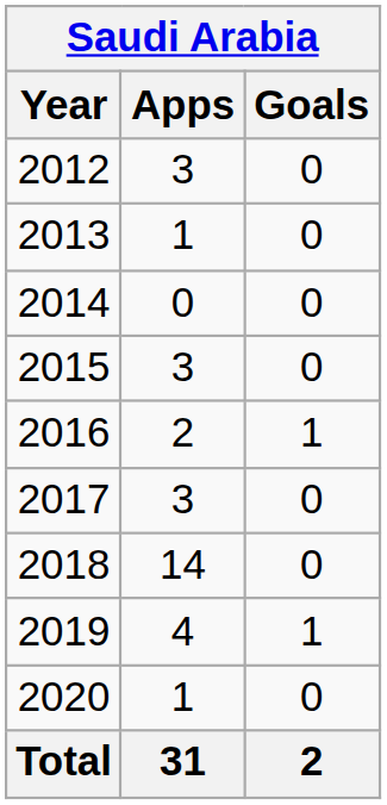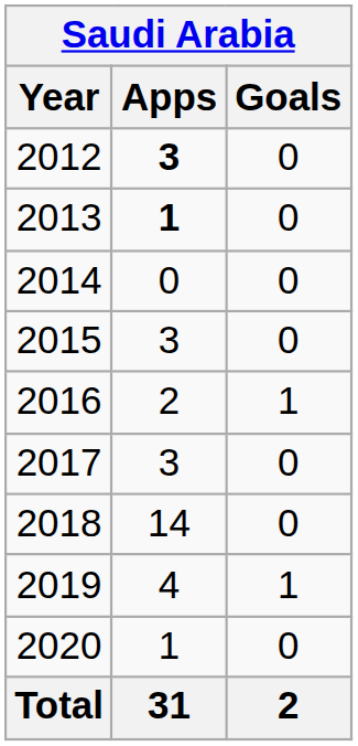 <table class="wikitable" style="text-align:center">
 <tr>
 <th colspan=3><a href='#'>Saudi Arabia</a></th>
 </tr>
 <tr>
 <th>Year</th>
 <th>Apps</th>
 <th>Goals</th>
 </tr>
 <tr>
 <td>2012</td>
-<td>3</td>
+<td><strong>3</strong></td>
 <td>0</td>
 </tr>
 <tr>
 <td>2013</td>
-<td>1</td>
+<td><strong>1</strong></td>
 <td>0</td>
 </tr>
 <tr>
 <td>2014</td>
 <td>0</td>
 <td>0</td>
 </tr>
 <tr>
 <td>2015</td>
 <td>3</td>
 <td>0</td>
 </tr>
 <tr>
 <td>2016</td>
 <td>2</td>
 <td>1</td>
 </tr>
 <tr>
 <td>2017</td>
 <td>3</td>
 <td>0</td>
 </tr>
 <tr>
 <td>2018</td>
 <td>14</td>
 <td>0</td>
 </tr>
 <tr>
 <td>2019</td>
 <td>4</td>
 <td>1</td>
 </tr>
 <tr>
 <td>2020</td>
 <td>1</td>
 <td>0</td>
 </tr>
 <tr>
 <th>Total</th>
 <th>31</th>
 <th>2</th>
 </tr>
 </table>
